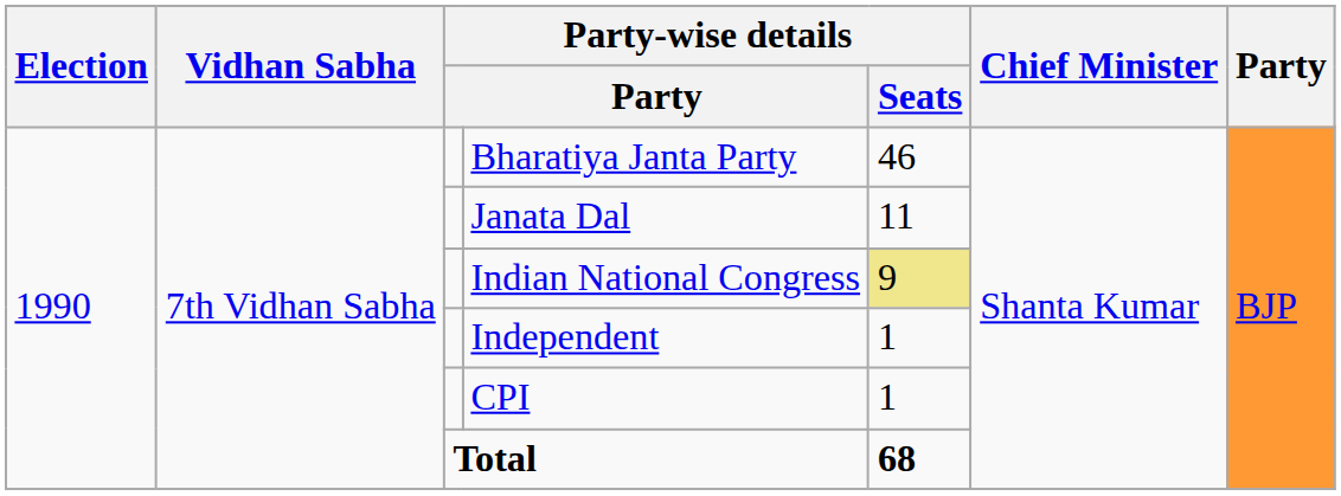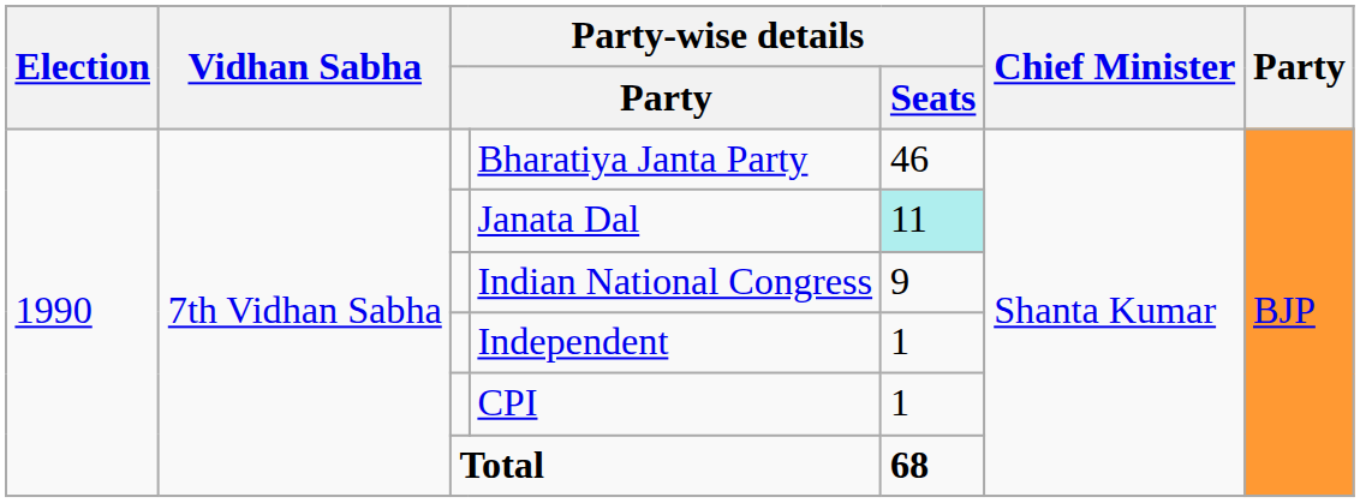 <table class="wikitable sortable">
 <tr>
 <th rowspan="2"><a href='#'>Election</a></th>
 <th rowspan="2"><a href='#'>Vidhan Sabha</a></th>
 <th colspan="3">Party-wise details</th>
 <th rowspan="2"><a href='#'>Chief Minister</a></th>
 <th rowspan="2">Party</th>
 </tr>
 <tr>
 <th colspan="2">Party</th>
 <th><a href='#'>Seats</a></th>
 </tr>
 <tr>
 <td rowspan="6"><a href='#'>1990</a></td>
 <td rowspan="6"><a href='#'>7th Vidhan Sabha</a></td>
 <td style="background-color: "></td>
 <td><a href='#'>Bharatiya Janta Party</a></td>
 <td>46</td>
 <td rowspan="6"><a href='#'>Shanta Kumar</a></td>
 <td rowspan="6" bgcolor="#FF9933" ;><a href='#'>BJP</a></td>
 </tr>
 <tr>
 <td style="background-color: "></td>
 <td><a href='#'>Janata Dal</a></td>
-<td>11</td>
+<td style="background: paleturquoise;">11</td>
 </tr>
 <tr>
 <td style="background-color: "></td>
 <td><a href='#'>Indian National Congress</a></td>
-<td style="background: khaki;">9</td>
+<td>9</td>
 </tr>
 <tr>
 <td style="background-color: "></td>
 <td><a href='#'>Independent</a></td>
 <td>1</td>
 </tr>
 <tr>
 <td style="background-color: "></td>
 <td><a href='#'>CPI</a></td>
 <td>1</td>
 </tr>
 <tr>
 <td colspan="2"><strong>Total</strong></td>
 <td><strong>68</strong></td>
 </tr>
 </table>
